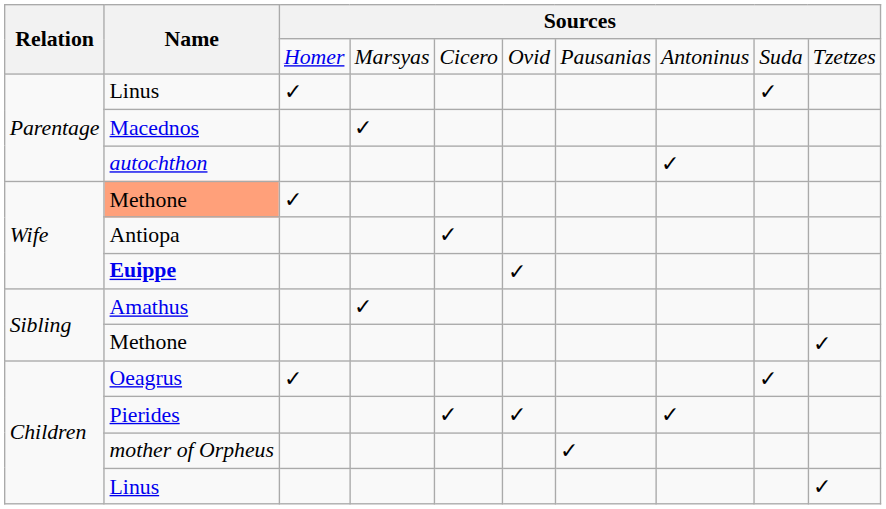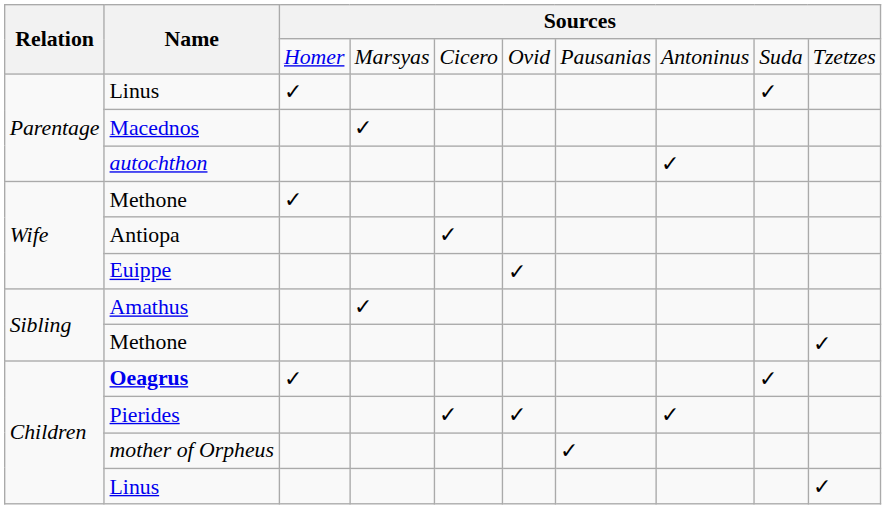 <table class="wikitable">
 <tr>
 <th rowspan="2">Relation</th>
 <th rowspan="2">Name</th>
 <th colspan="8">Sources</th>
 </tr>
 <tr>
 <td><em><a href='#'>Homer</a></em></td>
 <td><em>Marsyas</em></td>
 <td><em>Cicero</em></td>
 <td><em>Ovid</em></td>
 <td><em>Pausanias</em></td>
 <td><em>Antoninus</em></td>
 <td><em>Suda</em></td>
 <td><em>Tzetzes</em></td>
 </tr>
 <tr>
 <td rowspan="3"><em>Parentage</em></td>
 <td>Linus</td>
 <td>✓</td>
 <td></td>
 <td></td>
 <td></td>
 <td></td>
 <td></td>
 <td>✓</td>
 <td></td>
 </tr>
 <tr>
 <td><a href='#'>Macednos</a></td>
 <td></td>
 <td>✓</td>
 <td></td>
 <td></td>
 <td></td>
 <td></td>
 <td></td>
 <td></td>
 </tr>
 <tr>
 <td><em><a href='#'>autochthon</a></em></td>
 <td></td>
 <td></td>
 <td></td>
 <td></td>
 <td></td>
 <td>✓</td>
 <td></td>
 <td></td>
 </tr>
 <tr>
 <td rowspan="3"><em>Wife</em></td>
-<td style="background: lightsalmon;">Methone</td>
+<td>Methone</td>
 <td>✓</td>
 <td></td>
 <td></td>
 <td></td>
 <td></td>
 <td></td>
 <td></td>
 <td></td>
 </tr>
 <tr>
 <td>Antiopa</td>
 <td></td>
 <td></td>
 <td>✓</td>
 <td></td>
 <td></td>
 <td></td>
 <td></td>
 <td></td>
 </tr>
 <tr>
-<td><strong><a href='#'>Euippe</a></strong></td>
+<td><a href='#'>Euippe</a></td>
 <td></td>
 <td></td>
 <td></td>
 <td>✓</td>
 <td></td>
 <td></td>
 <td></td>
 <td></td>
 </tr>
 <tr>
 <td rowspan="2"><em>Sibling</em></td>
 <td><a href='#'>Amathus</a></td>
 <td></td>
 <td>✓</td>
 <td></td>
 <td></td>
 <td></td>
 <td></td>
 <td></td>
 <td></td>
 </tr>
 <tr>
 <td>Methone</td>
 <td></td>
 <td></td>
 <td></td>
 <td></td>
 <td></td>
 <td></td>
 <td></td>
 <td>✓</td>
 </tr>
 <tr>
 <td rowspan="4"><em>Children</em></td>
-<td><a href='#'>Oeagrus</a></td>
+<td><strong><a href='#'>Oeagrus</a></strong></td>
 <td>✓</td>
 <td></td>
 <td></td>
 <td></td>
 <td></td>
 <td></td>
 <td>✓</td>
 <td></td>
 </tr>
 <tr>
 <td><a href='#'>Pierides</a></td>
 <td></td>
 <td></td>
 <td>✓</td>
 <td>✓</td>
 <td></td>
 <td>✓</td>
 <td></td>
 <td></td>
 </tr>
 <tr>
 <td><em>mother of Orpheus</em></td>
 <td></td>
 <td></td>
 <td></td>
 <td></td>
 <td>✓</td>
 <td></td>
 <td></td>
 <td></td>
 </tr>
 <tr>
 <td><a href='#'>Linus</a></td>
 <td></td>
 <td></td>
 <td></td>
 <td></td>
 <td></td>
 <td></td>
 <td></td>
 <td>✓</td>
 </tr>
 </table>
